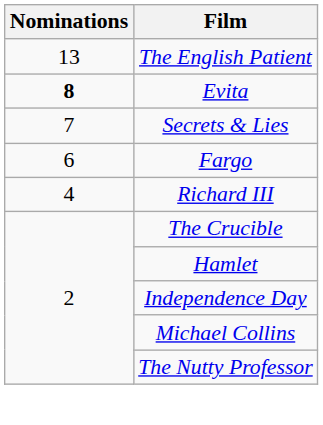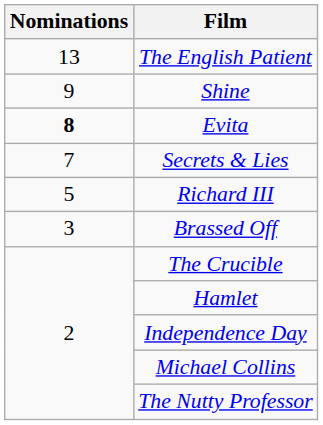 <table class="wikitable" style="text-align:center;">
 <tr>
 <th style="background:">Nominations</th>
 <th style="background:">Film</th>
 </tr>
 <tr>
 <td>13</td>
 <td><em><a href='#'>The English Patient</a></em></td>
 </tr>
 <tr>
+<td>9</td>
+<td><em><a href='#'>Shine</a></em></td>
+</tr>
+<tr>
 <td><strong>8</strong></td>
 <td><em><a href='#'>Evita</a></em></td>
 </tr>
 <tr>
 <td>7</td>
 <td><em><a href='#'>Secrets & Lies</a></em></td>
 </tr>
 <tr>
-<td>6</td>
-<td><em><a href='#'>Fargo</a></em></td>
+<td>5</td>
+<td><em><a href='#'>Richard III</a></em></td>
 </tr>
 <tr>
-<td>4</td>
-<td><em><a href='#'>Richard III</a></em></td>
+<td>3</td>
+<td><em><a href='#'>Brassed Off</a></em></td>
 </tr>
 <tr>
 <td rowspan="5">2</td>
 <td><em><a href='#'>The Crucible</a></em></td>
 </tr>
 <tr>
 <td><em><a href='#'>Hamlet</a></em></td>
 </tr>
 <tr>
 <td><em><a href='#'>Independence Day</a></em></td>
 </tr>
 <tr>
 <td><em><a href='#'>Michael Collins</a></em></td>
 </tr>
 <tr>
 <td><em><a href='#'>The Nutty Professor</a></em></td>
 </tr>
 </table>
